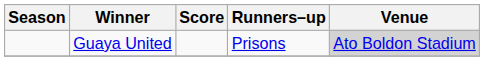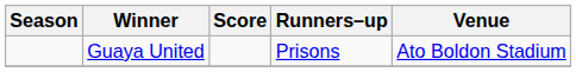 <table class="sortable wikitable" style="text-align:left; font-size:90%;">
 <tr>
 <th rowspan=1>Season</th>
 <th rowspan=1>Winner</th>
 <th rowspan=1>Score</th>
 <th rowspan=1>Runners–up</th>
 <th rowspan=1>Venue</th>
 </tr>
 <tr>
 <td></td>
 <td><a href='#'>Guaya United</a></td>
 <td></td>
 <td><a href='#'>Prisons</a></td>
-<td style="background: lightgrey;"><a href='#'>Ato Boldon Stadium</a></td>
+<td><a href='#'>Ato Boldon Stadium</a></td>
 </tr>
 <tr>
 </tr>
 </table>
